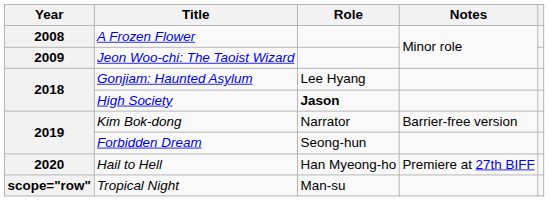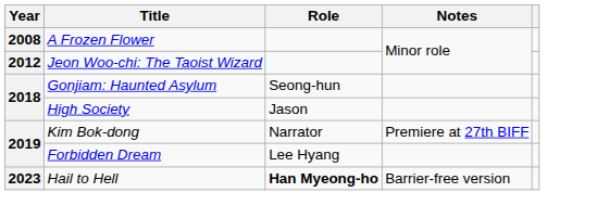 <table class="wikitable plainrowheaders sortable">
 <tr>
 <th scope="col">Year</th>
 <th scope="col">Title</th>
 <th scope="col">Role</th>
 <th scope="col">Notes</th>
 <th scope="col" class="unsortable"></th>
 </tr>
 <tr>
 <th scope="row">2008</th>
 <td><em><a href='#'>A Frozen Flower</a></em></td>
 <td></td>
 <td rowspan="2">Minor role</td>
 <td style="text-align:center"></td>
 </tr>
 <tr>
-<th scope="row">2009</th>
+<th scope="row">2012</th>
 <td><em><a href='#'>Jeon Woo-chi: The Taoist Wizard</a></em></td>
 <td></td>
 <td style="text-align:center"></td>
 </tr>
 <tr>
 <th rowspan="2" scope="row">2018</th>
 <td><em><a href='#'>Gonjiam: Haunted Asylum</a></em></td>
-<td>Lee Hyang</td>
+<td>Seong-hun</td>
 <td></td>
 <td style="text-align:center"></td>
 </tr>
 <tr>
 <td><a href='#'><em>High Society</em></a></td>
-<td><strong>Jason</strong></td>
+<td>Jason</td>
 <td></td>
 <td style="text-align:center"></td>
 </tr>
 <tr>
 <th rowspan="2" scope="row">2019</th>
 <td><em>Kim Bok-dong</em></td>
 <td>Narrator</td>
-<td>Barrier-free version</td>
+<td>Premiere at <a href='#'>27th BIFF</a></td>
 <td style="text-align:center"></td>
 </tr>
 <tr>
 <td><em><a href='#'>Forbidden Dream</a></em></td>
-<td>Seong-hun</td>
+<td>Lee Hyang</td>
 <td></td>
 <td style="text-align:center"></td>
 </tr>
 <tr>
-<th scope="row">2020</th>
+<th scope="row">2023</th>
 <td><em>Hail to Hell</em></td>
-<td>Han Myeong-ho</td>
-<td>Premiere at <a href='#'>27th BIFF</a></td>
-<td style="text-align:center"></td>
-</tr>
-<tr>
-<th>scope="row" </th>
-<td><em>Tropical Night</em></td>
-<td>Man-su</td>
-<td></td>
+<td><strong>Han Myeong-ho</strong></td>
+<td>Barrier-free version</td>
 <td style="text-align:center"></td>
 </tr>
 </table>
